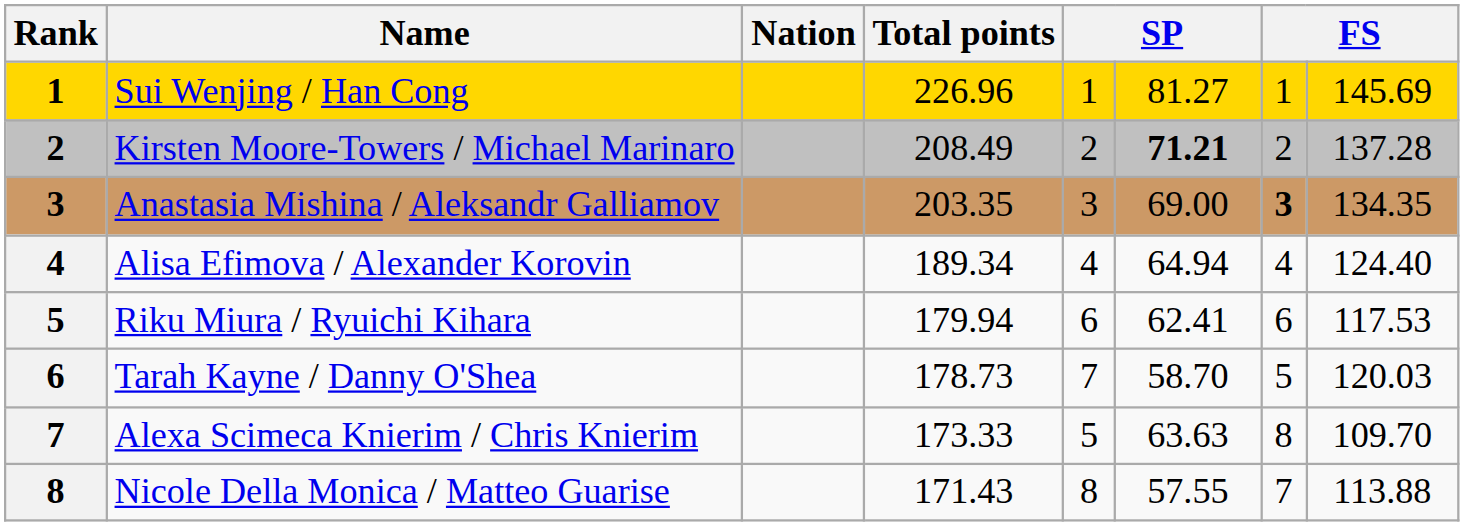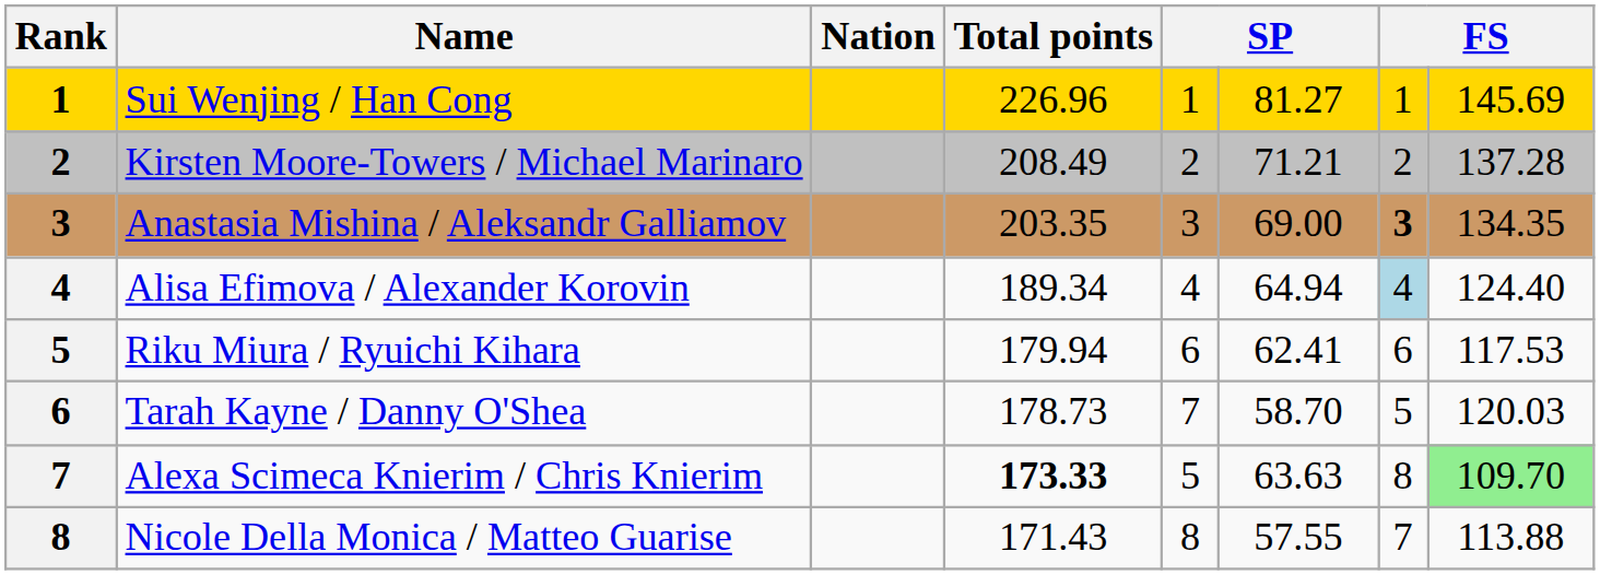 <table class="wikitable sortable">
 <tr>
 <th>Rank</th>
 <th>Name</th>
 <th>Nation</th>
 <th>Total points</th>
 <th colspan="2" width="80px"><a href='#'>SP</a></th>
 <th colspan="2" width="80px"><a href='#'>FS</a></th>
 </tr>
 <tr bgcolor="gold">
 <td align="center"><strong>1</strong></td>
 <td><a href='#'>Sui Wenjing</a> / <a href='#'>Han Cong</a></td>
 <td></td>
 <td align="center">226.96</td>
 <td align="center">1</td>
 <td align="center">81.27</td>
 <td align="center">1</td>
 <td align="center">145.69</td>
 </tr>
 <tr bgcolor="silver">
 <td align="center"><strong>2</strong></td>
 <td><a href='#'>Kirsten Moore-Towers</a> / <a href='#'>Michael Marinaro</a></td>
 <td></td>
 <td align="center">208.49</td>
 <td align="center">2</td>
-<td align="center"><strong>71.21</strong></td>
+<td align="center">71.21</td>
 <td align="center">2</td>
 <td align="center">137.28</td>
 </tr>
 <tr bgcolor="cc9966">
 <td align="center"><strong>3</strong></td>
 <td><a href='#'>Anastasia Mishina</a> / <a href='#'>Aleksandr Galliamov</a></td>
 <td></td>
 <td align="center">203.35</td>
 <td align="center">3</td>
 <td align="center">69.00</td>
 <td align="center"><strong>3</strong></td>
 <td align="center">134.35</td>
 </tr>
 <tr>
 <th>4</th>
 <td><a href='#'>Alisa Efimova</a> / <a href='#'>Alexander Korovin</a></td>
 <td></td>
 <td align="center">189.34</td>
 <td align="center">4</td>
 <td align="center">64.94</td>
-<td align="center">4</td>
+<td align="center" style="background: lightblue;">4</td>
 <td align="center">124.40</td>
 </tr>
 <tr>
 <th>5</th>
 <td><a href='#'>Riku Miura</a> / <a href='#'>Ryuichi Kihara</a></td>
 <td></td>
 <td align="center">179.94</td>
 <td align="center">6</td>
 <td align="center">62.41</td>
 <td align="center">6</td>
 <td align="center">117.53</td>
 </tr>
 <tr>
 <th>6</th>
 <td><a href='#'>Tarah Kayne</a> / <a href='#'>Danny O'Shea</a></td>
 <td></td>
 <td align="center">178.73</td>
 <td align="center">7</td>
 <td align="center">58.70</td>
 <td align="center">5</td>
 <td align="center">120.03</td>
 </tr>
 <tr>
 <th>7</th>
 <td><a href='#'>Alexa Scimeca Knierim</a> / <a href='#'>Chris Knierim</a></td>
 <td></td>
-<td align="center">173.33</td>
+<td align="center"><strong>173.33</strong></td>
 <td align="center">5</td>
 <td align="center">63.63</td>
 <td align="center">8</td>
-<td align="center">109.70</td>
+<td align="center" style="background: lightgreen;">109.70</td>
 </tr>
 <tr>
 <th>8</th>
 <td><a href='#'>Nicole Della Monica</a> / <a href='#'>Matteo Guarise</a></td>
 <td></td>
 <td align="center">171.43</td>
 <td align="center">8</td>
 <td align="center">57.55</td>
 <td align="center">7</td>
 <td align="center">113.88</td>
 </tr>
 </table>
